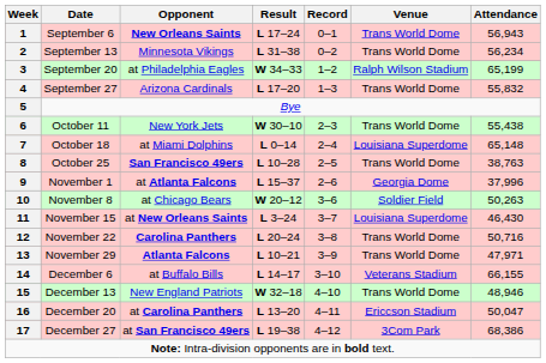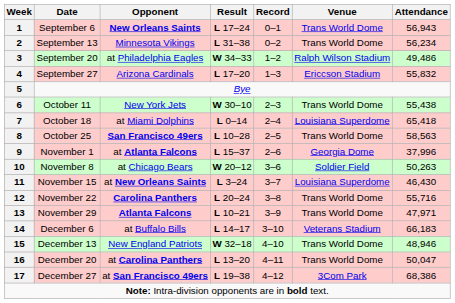 <table class="wikitable" style="text-align:center">
 <tr>
 <th>Week</th>
 <th>Date</th>
 <th>Opponent</th>
 <th>Result</th>
 <th>Record</th>
 <th>Venue</th>
 <th>Attendance</th>
 </tr>
 <tr style="background:#fcc">
 <th>1</th>
 <td>September 6</td>
 <td><strong><a href='#'>New Orleans Saints</a></strong></td>
 <td><strong>L</strong> 17–24</td>
 <td>0–1</td>
 <td><a href='#'>Trans World Dome</a></td>
 <td>56,943</td>
 </tr>
 <tr style="background:#fcc">
 <th>2</th>
 <td>September 13</td>
 <td><a href='#'>Minnesota Vikings</a></td>
 <td><strong>L</strong> 31–38</td>
 <td>0–2</td>
 <td>Trans World Dome</td>
 <td>56,234</td>
 </tr>
 <tr style="background:#cfc">
 <th>3</th>
 <td>September 20</td>
 <td>at <a href='#'>Philadelphia Eagles</a></td>
 <td><strong>W</strong> 34–33</td>
 <td>1–2</td>
 <td><a href='#'>Ralph Wilson Stadium</a></td>
-<td>65,199</td>
+<td>49,486</td>
 </tr>
 <tr style="background:#fcc">
 <th>4</th>
 <td>September 27</td>
 <td><a href='#'>Arizona Cardinals</a></td>
 <td><strong>L</strong> 17–20</td>
 <td>1–3</td>
-<td>Trans World Dome</td>
+<td><a href='#'>Ericcson Stadium</a></td>
 <td>55,832</td>
 </tr>
 <tr>
 <th>5</th>
 <td colspan="6"><em><a href='#'>Bye</a></em></td>
 </tr>
 <tr style="background:#cfc">
 <th>6</th>
 <td>October 11</td>
 <td><a href='#'>New York Jets</a></td>
 <td><strong>W</strong> 30–10</td>
 <td>2–3</td>
 <td>Trans World Dome</td>
 <td>55,438</td>
 </tr>
 <tr style="background:#fcc">
 <th>7</th>
 <td>October 18</td>
 <td>at <a href='#'>Miami Dolphins</a></td>
 <td><strong>L</strong> 0–14</td>
 <td>2–4</td>
 <td><a href='#'>Louisiana Superdome</a></td>
-<td>65,148</td>
+<td>65,418</td>
 </tr>
 <tr style="background:#fcc">
 <th>8</th>
 <td>October 25</td>
 <td><strong><a href='#'>San Francisco 49ers</a></strong></td>
 <td><strong>L</strong> 10–28</td>
 <td>2–5</td>
 <td>Trans World Dome</td>
-<td>38,763</td>
+<td>58,563</td>
 </tr>
 <tr style="background:#fcc">
 <th>9</th>
 <td>November 1</td>
 <td>at <strong><a href='#'>Atlanta Falcons</a></strong></td>
 <td><strong>L</strong> 15–37</td>
 <td>2–6</td>
 <td><a href='#'>Georgia Dome</a></td>
 <td>37,996</td>
 </tr>
 <tr style="background:#cfc">
 <th>10</th>
 <td>November 8</td>
 <td>at <a href='#'>Chicago Bears</a></td>
 <td><strong>W</strong> 20–12</td>
 <td>3–6</td>
 <td><a href='#'>Soldier Field</a></td>
 <td>50,263</td>
 </tr>
 <tr style="background:#fcc">
 <th>11</th>
 <td>November 15</td>
 <td>at <strong><a href='#'>New Orleans Saints</a></strong></td>
 <td><strong>L</strong> 3–24</td>
 <td>3–7</td>
 <td><a href='#'>Louisiana Superdome</a></td>
 <td>46,430</td>
 </tr>
 <tr style="background:#fcc">
 <th>12</th>
 <td>November 22</td>
 <td><strong><a href='#'>Carolina Panthers</a></strong></td>
 <td><strong>L</strong> 20–24</td>
 <td>3–8</td>
 <td>Trans World Dome</td>
-<td>50,716</td>
+<td>55,716</td>
 </tr>
 <tr style="background:#fcc">
 <th>13</th>
 <td>November 29</td>
 <td><strong><a href='#'>Atlanta Falcons</a></strong></td>
 <td><strong>L</strong> 10–21</td>
 <td>3–9</td>
 <td>Trans World Dome</td>
 <td>47,971</td>
 </tr>
 <tr style="background:#fcc">
 <th>14</th>
 <td>December 6</td>
 <td>at <a href='#'>Buffalo Bills</a></td>
 <td><strong>L</strong> 14–17</td>
 <td>3–10</td>
 <td><a href='#'>Veterans Stadium</a></td>
-<td>66,155</td>
+<td>66,183</td>
 </tr>
 <tr style="background:#cfc">
 <th>15</th>
 <td>December 13</td>
 <td><a href='#'>New England Patriots</a></td>
 <td><strong>W</strong> 32–18</td>
 <td>4–10</td>
 <td>Trans World Dome</td>
 <td>48,946</td>
 </tr>
 <tr style="background:#fcc">
 <th>16</th>
 <td>December 20</td>
 <td>at <strong><a href='#'>Carolina Panthers</a></strong></td>
 <td><strong>L</strong> 13–20</td>
 <td>4–11</td>
-<td><a href='#'>Ericcson Stadium</a></td>
+<td>Trans World Dome</td>
 <td>50,047</td>
 </tr>
 <tr style="background:#fcc">
 <th>17</th>
 <td>December 27</td>
 <td>at <strong><a href='#'>San Francisco 49ers</a></strong></td>
 <td><strong>L</strong> 19–38</td>
 <td>4–12</td>
 <td><a href='#'>3Com Park</a></td>
 <td>68,386</td>
 </tr>
 <tr>
 <td colspan="8"><strong>Note:</strong> Intra-division opponents are in <strong>bold</strong> text.</td>
 </tr>
 </table>
